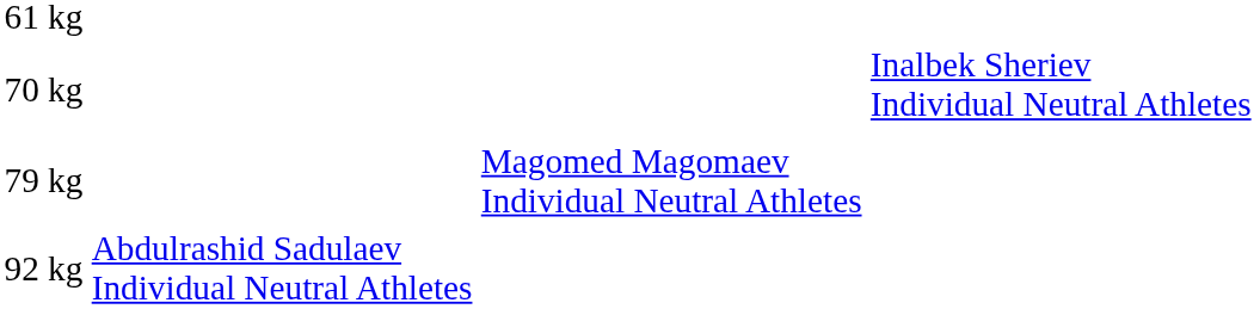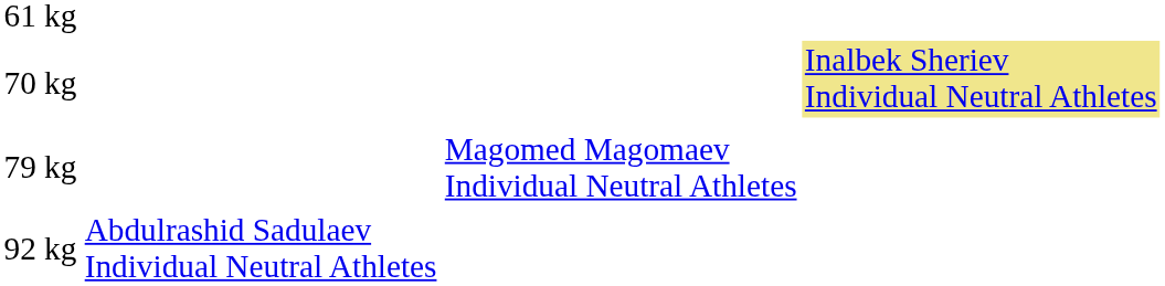 <table>
 <tr>
 <td rowspan=2>61 kg<br></td>
 <td rowspan=2></td>
 <td rowspan=2></td>
 <td></td>
 </tr>
 <tr>
 <td></td>
 </tr>
 <tr>
 <td rowspan=2>70 kg<br></td>
 <td rowspan=2></td>
 <td rowspan=2></td>
-<td><a href='#'>Inalbek Sheriev</a><br> <a href='#'>Individual Neutral Athletes</a></td>
+<td style="background: khaki;"><a href='#'>Inalbek Sheriev</a><br> <a href='#'>Individual Neutral Athletes</a></td>
 </tr>
 <tr>
 <td></td>
 </tr>
 <tr>
 <td rowspan=2>79 kg<br></td>
 <td rowspan=2></td>
 <td rowspan=2><a href='#'>Magomed Magomaev</a><br> <a href='#'>Individual Neutral Athletes</a></td>
 <td></td>
 </tr>
 <tr>
 <td></td>
 </tr>
 <tr>
 <td rowspan=2>92 kg<br></td>
 <td rowspan=2><a href='#'>Abdulrashid Sadulaev</a><br> <a href='#'>Individual Neutral Athletes</a></td>
 <td rowspan=2></td>
 <td></td>
 </tr>
 <tr>
 <td></td>
 </tr>
 </table>
